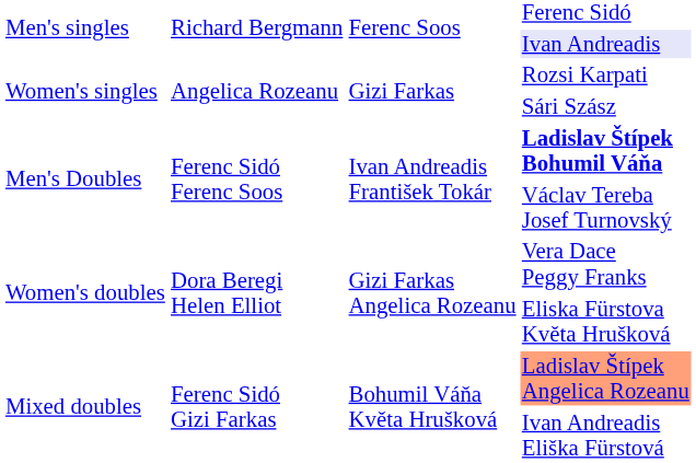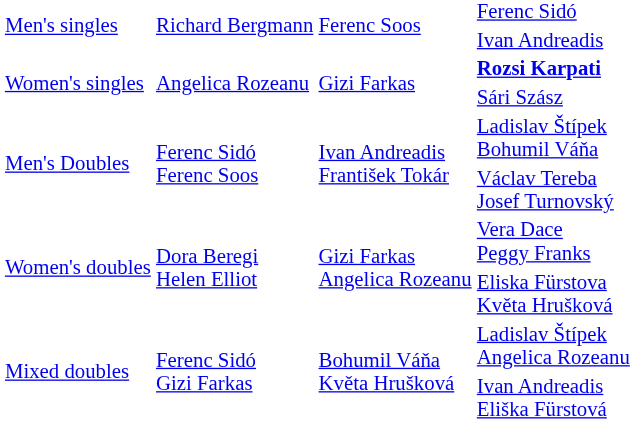 <table>
 <tr>
 <td rowspan=2><a href='#'>Men's singles</a></td>
 <td rowspan=2> <a href='#'>Richard Bergmann</a></td>
 <td rowspan=2> <a href='#'>Ferenc Soos</a></td>
 <td> <a href='#'>Ferenc Sidó</a></td>
 </tr>
 <tr>
-<td style="background: lavender;"> <a href='#'>Ivan Andreadis</a></td>
+<td> <a href='#'>Ivan Andreadis</a></td>
 </tr>
 <tr>
 <td rowspan=2><a href='#'>Women's singles</a></td>
 <td rowspan=2> <a href='#'>Angelica Rozeanu</a></td>
 <td rowspan=2> <a href='#'>Gizi Farkas</a></td>
-<td> <a href='#'>Rozsi Karpati</a></td>
+<td><strong> <a href='#'>Rozsi Karpati</a></strong></td>
 </tr>
 <tr>
 <td> <a href='#'>Sári Szász</a></td>
 </tr>
 <tr>
 <td rowspan=2><a href='#'>Men's Doubles</a></td>
 <td rowspan=2> <a href='#'>Ferenc Sidó</a><br> <a href='#'>Ferenc Soos</a></td>
 <td rowspan=2> <a href='#'>Ivan Andreadis</a><br> <a href='#'>František Tokár</a></td>
-<td><strong> <a href='#'>Ladislav Štípek</a><br> <a href='#'>Bohumil Váňa</a></strong></td>
+<td> <a href='#'>Ladislav Štípek</a><br> <a href='#'>Bohumil Váňa</a></td>
 </tr>
 <tr>
 <td> <a href='#'>Václav Tereba</a><br> <a href='#'>Josef Turnovský</a></td>
 </tr>
 <tr>
 <td rowspan=2><a href='#'>Women's doubles</a></td>
 <td rowspan=2> <a href='#'>Dora Beregi</a><br> <a href='#'>Helen Elliot</a></td>
 <td rowspan=2> <a href='#'>Gizi Farkas</a><br> <a href='#'>Angelica Rozeanu</a></td>
 <td> <a href='#'>Vera Dace</a><br> <a href='#'>Peggy Franks</a></td>
 </tr>
 <tr>
 <td> <a href='#'>Eliska Fürstova</a><br> <a href='#'>Květa Hrušková</a></td>
 </tr>
 <tr>
 <td rowspan=2><a href='#'>Mixed doubles</a></td>
 <td rowspan=2> <a href='#'>Ferenc Sidó</a><br> <a href='#'>Gizi Farkas</a></td>
 <td rowspan=2> <a href='#'>Bohumil Váňa</a><br> <a href='#'>Květa Hrušková</a></td>
-<td style="background: lightsalmon;"> <a href='#'>Ladislav Štípek</a><br> <a href='#'>Angelica Rozeanu</a></td>
+<td> <a href='#'>Ladislav Štípek</a><br> <a href='#'>Angelica Rozeanu</a></td>
 </tr>
 <tr>
 <td> <a href='#'>Ivan Andreadis</a><br> <a href='#'>Eliška Fürstová</a></td>
 </tr>
 </table>
